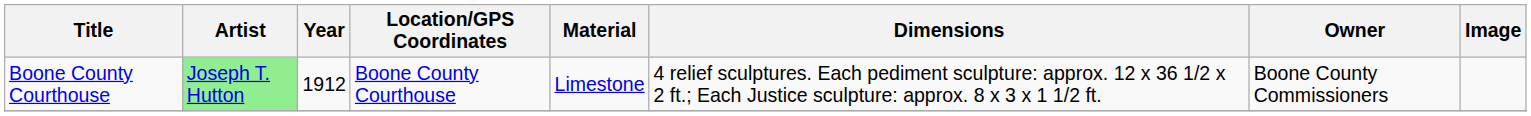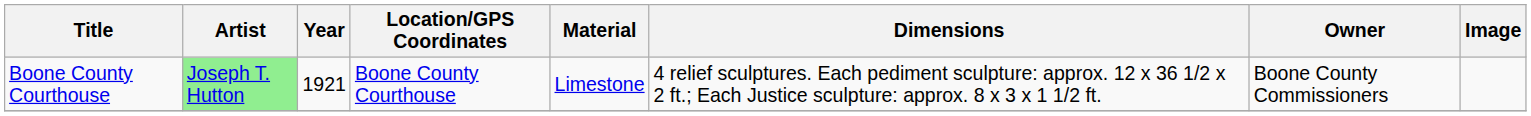 <table class="wikitable sortable">
 <tr>
 <th>Title</th>
 <th>Artist</th>
 <th>Year</th>
 <th>Location/GPS Coordinates</th>
 <th>Material</th>
 <th>Dimensions</th>
 <th>Owner</th>
 <th>Image</th>
 </tr>
 <tr>
 <td><a href='#'>Boone County Courthouse</a></td>
 <td style="background: lightgreen;"><a href='#'>Joseph T. Hutton</a></td>
-<td>1912</td>
+<td>1921</td>
 <td><a href='#'>Boone County Courthouse</a></td>
 <td><a href='#'>Limestone</a></td>
 <td>4 relief sculptures. Each pediment sculpture: approx. 12 x 36 1/2 x 2 ft.; Each Justice sculpture: approx. 8 x 3 x 1 1/2 ft.</td>
 <td>Boone County Commissioners</td>
 <td></td>
 </tr>
 <tr>
 </tr>
 </table>
